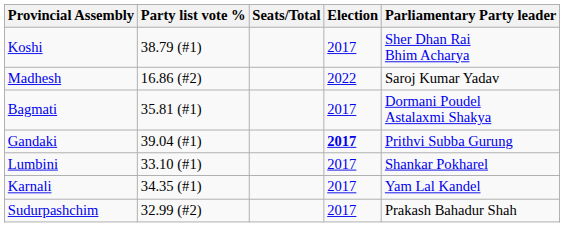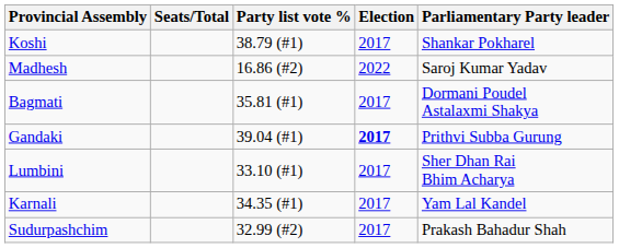 <table class="wikitable">
 <tr>
 <th style="background-color:">Provincial Assembly</th>
+<th style="background-color:">Seats/Total</th>
 <th style="background-color:">Party list vote %</th>
-<th style="background-color:">Seats/Total</th>
 <th style="background-color:">Election</th>
 <th style="background-color:">Parliamentary Party leader</th>
 </tr>
 <tr>
 <td><a href='#'>Koshi</a></td>
+<td></td>
 <td>38.79 (#1)</td>
-<td></td>
 <td><a href='#'>2017</a></td>
-<td><a href='#'>Sher Dhan Rai</a><br><a href='#'>Bhim Acharya</a></td>
+<td><a href='#'>Shankar Pokharel</a></td>
 </tr>
 <tr>
 <td><a href='#'>Madhesh</a></td>
+<td></td>
 <td>16.86 (#2)</td>
-<td></td>
 <td><a href='#'>2022</a></td>
 <td>Saroj Kumar Yadav</td>
 </tr>
 <tr>
 <td><a href='#'>Bagmati</a></td>
+<td></td>
 <td>35.81 (#1)</td>
-<td></td>
 <td><a href='#'>2017</a></td>
 <td><a href='#'>Dormani Poudel</a><br><a href='#'>Astalaxmi Shakya</a></td>
 </tr>
 <tr>
 <td><a href='#'>Gandaki</a></td>
+<td></td>
 <td>39.04 (#1)</td>
-<td></td>
 <td><strong><a href='#'>2017</a></strong></td>
 <td><a href='#'>Prithvi Subba Gurung</a></td>
 </tr>
 <tr>
 <td><a href='#'>Lumbini</a></td>
+<td></td>
 <td>33.10 (#1)</td>
-<td></td>
 <td><a href='#'>2017</a></td>
-<td><a href='#'>Shankar Pokharel</a></td>
+<td><a href='#'>Sher Dhan Rai</a><br><a href='#'>Bhim Acharya</a></td>
 </tr>
 <tr>
 <td><a href='#'>Karnali</a></td>
+<td></td>
 <td>34.35 (#1)</td>
-<td></td>
 <td><a href='#'>2017</a></td>
 <td><a href='#'>Yam Lal Kandel</a></td>
 </tr>
 <tr>
 <td><a href='#'>Sudurpashchim</a></td>
+<td></td>
 <td>32.99 (#2)</td>
-<td></td>
 <td><a href='#'>2017</a></td>
 <td>Prakash Bahadur Shah</td>
 </tr>
 </table>
